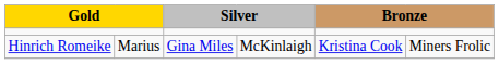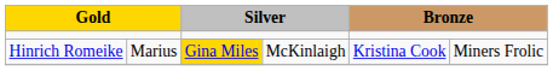 <table class="wikitable">
 <tr align="center">
 <td colspan=2 bgcolor="gold"><strong>Gold</strong></td>
 <td colspan=2 bgcolor="silver"><strong>Silver</strong></td>
 <td colspan=2 bgcolor="CC9966"><strong>Bronze</strong></td>
 </tr>
 <tr>
 <td colspan=2 align=center></td>
 <td colspan=2 align=center></td>
 <td colspan=2 align=center></td>
 </tr>
 <tr>
 <td><a href='#'>Hinrich Romeike</a></td>
 <td>Marius</td>
-<td><a href='#'>Gina Miles</a></td>
+<td style="background: gold;"><a href='#'>Gina Miles</a></td>
 <td>McKinlaigh</td>
 <td><a href='#'>Kristina Cook</a></td>
 <td>Miners Frolic</td>
 </tr>
 <tr>
 </tr>
 </table>
